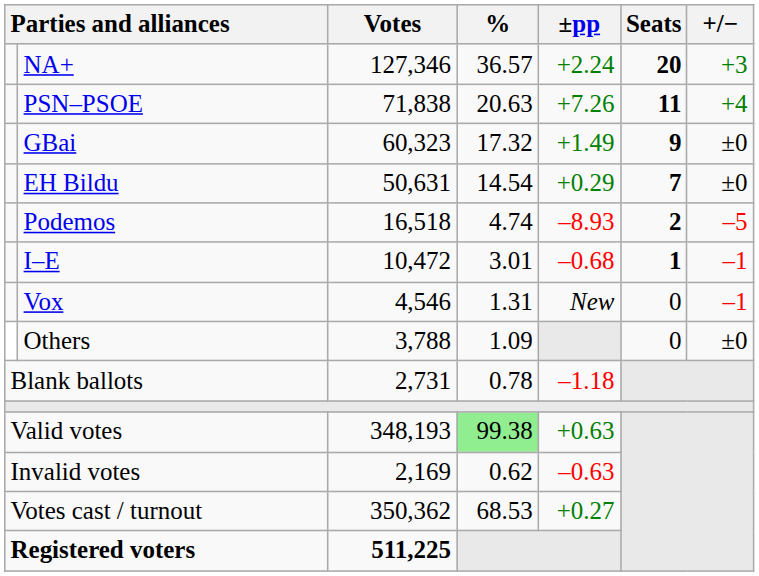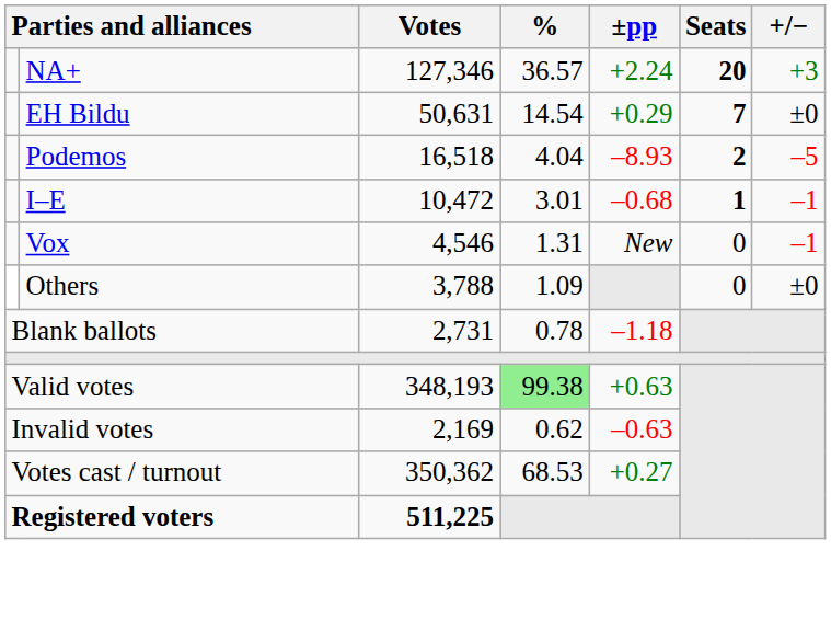 <table class="wikitable" style="text-align:right;">
 <tr>
 <th style="text-align:left;" colspan="2" width="200">Parties and alliances</th>
 <th width="75">Votes</th>
 <th width="45">%</th>
 <th width="45">±<a href='#'>pp</a></th>
 <th width="35">Seats</th>
 <th width="35">+/−</th>
 </tr>
 <tr>
 <td width="1" style="color:inherit;background:"></td>
 <td align="left"><a href='#'>NA+</a></td>
 <td>127,346</td>
 <td>36.57</td>
 <td style="color:green;">+2.24</td>
 <td><strong>20</strong></td>
 <td style="color:green;">+3</td>
 </tr>
 <tr>
 <td style="color:inherit;background:"></td>
-<td align="left"><a href='#'>PSN–PSOE</a></td>
-<td>71,838</td>
-<td>20.63</td>
-<td style="color:green;">+7.26</td>
-<td><strong>11</strong></td>
-<td style="color:green;">+4</td>
-</tr>
-<tr>
-<td style="color:inherit;background:"></td>
-<td align="left"><a href='#'>GBai</a></td>
-<td>60,323</td>
-<td>17.32</td>
-<td style="color:green;">+1.49</td>
-<td><strong>9</strong></td>
-<td>±0</td>
-</tr>
-<tr>
-<td style="color:inherit;background:"></td>
 <td align="left"><a href='#'>EH Bildu</a></td>
 <td>50,631</td>
 <td>14.54</td>
 <td style="color:green;">+0.29</td>
 <td><strong>7</strong></td>
 <td>±0</td>
 </tr>
 <tr>
 <td style="color:inherit;background:"></td>
 <td align="left"><a href='#'>Podemos</a></td>
 <td>16,518</td>
-<td>4.74</td>
+<td>4.04</td>
 <td style="color:red;">–8.93</td>
 <td><strong>2</strong></td>
 <td style="color:red;">–5</td>
 </tr>
 <tr>
 <td style="color:inherit;background:"></td>
 <td align="left"><a href='#'>I–E</a></td>
 <td>10,472</td>
 <td>3.01</td>
 <td style="color:red;">–0.68</td>
 <td><strong>1</strong></td>
 <td style="color:red;">–1</td>
 </tr>
 <tr>
 <td style="color:inherit;background:"></td>
 <td align="left"><a href='#'>Vox</a></td>
 <td>4,546</td>
 <td>1.31</td>
 <td><em>New</em></td>
 <td>0</td>
 <td style="color:red;">–1</td>
 </tr>
 <tr>
 <td bgcolor="white"></td>
 <td align="left">Others</td>
 <td>3,788</td>
 <td>1.09</td>
 <td bgcolor="#E9E9E9"></td>
 <td>0</td>
 <td>±0</td>
 </tr>
 <tr>
 <td align="left" colspan="2">Blank ballots</td>
 <td>2,731</td>
 <td>0.78</td>
 <td style="color:red;">–1.18</td>
 <td bgcolor="#E9E9E9" colspan="2"></td>
 </tr>
 <tr>
 <td colspan="7" bgcolor="#E9E9E9"></td>
 </tr>
 <tr>
 <td align="left" colspan="2">Valid votes</td>
 <td>348,193</td>
 <td style="background: lightgreen;">99.38</td>
 <td style="color:green;">+0.63</td>
 <td bgcolor="#E9E9E9" colspan="2" rowspan="4"></td>
 </tr>
 <tr>
 <td align="left" colspan="2">Invalid votes</td>
 <td>2,169</td>
 <td>0.62</td>
 <td style="color:red;">–0.63</td>
 </tr>
 <tr>
 <td align="left" colspan="2">Votes cast / turnout</td>
 <td>350,362</td>
 <td>68.53</td>
 <td style="color:green;">+0.27</td>
 </tr>
 <tr style="font-weight:bold;">
 <td align="left" colspan="2">Registered voters</td>
 <td>511,225</td>
 <td bgcolor="#E9E9E9" colspan="2"></td>
 </tr>
 </table>
